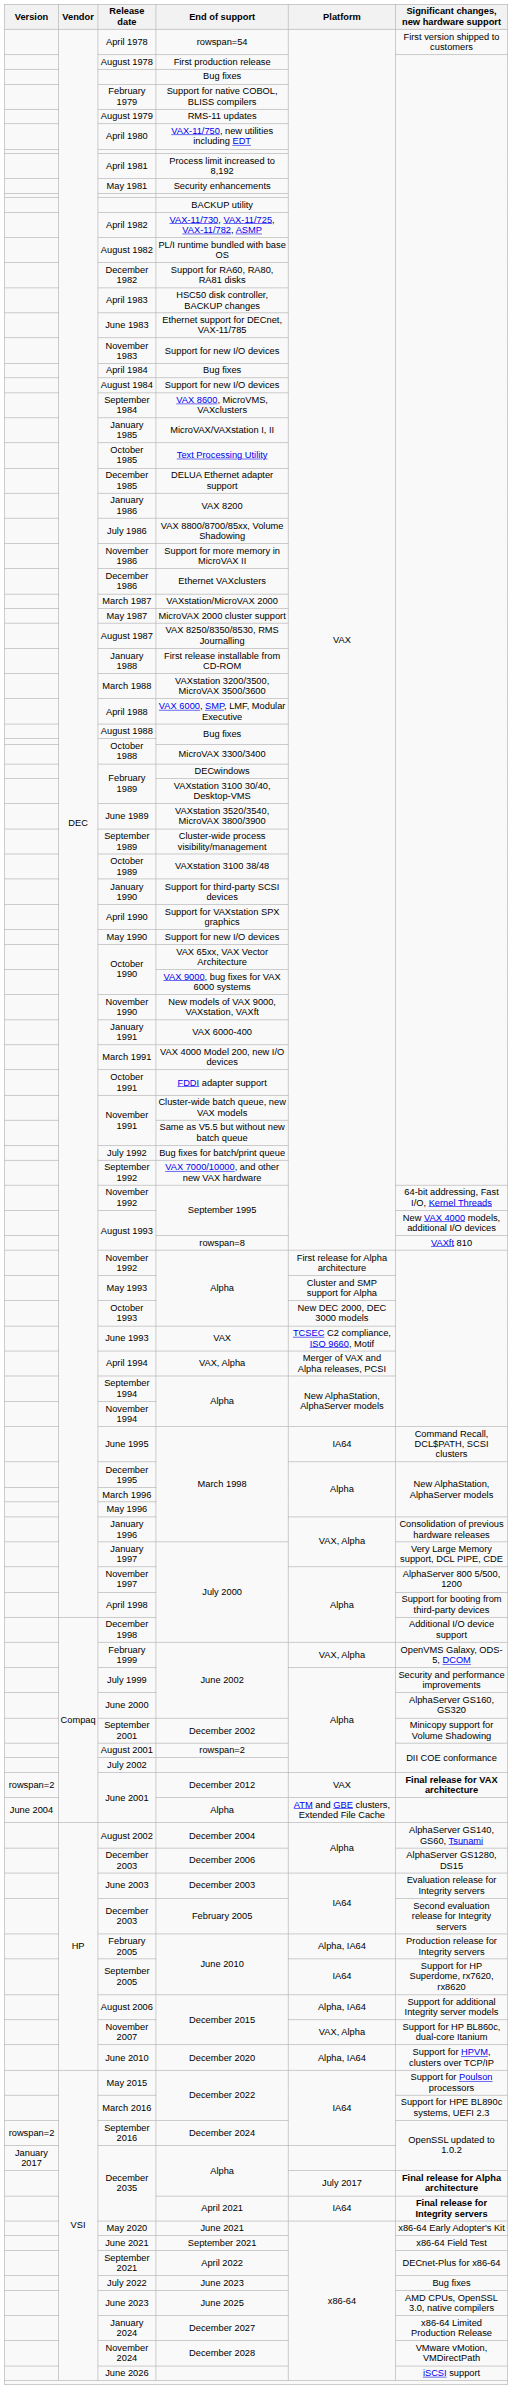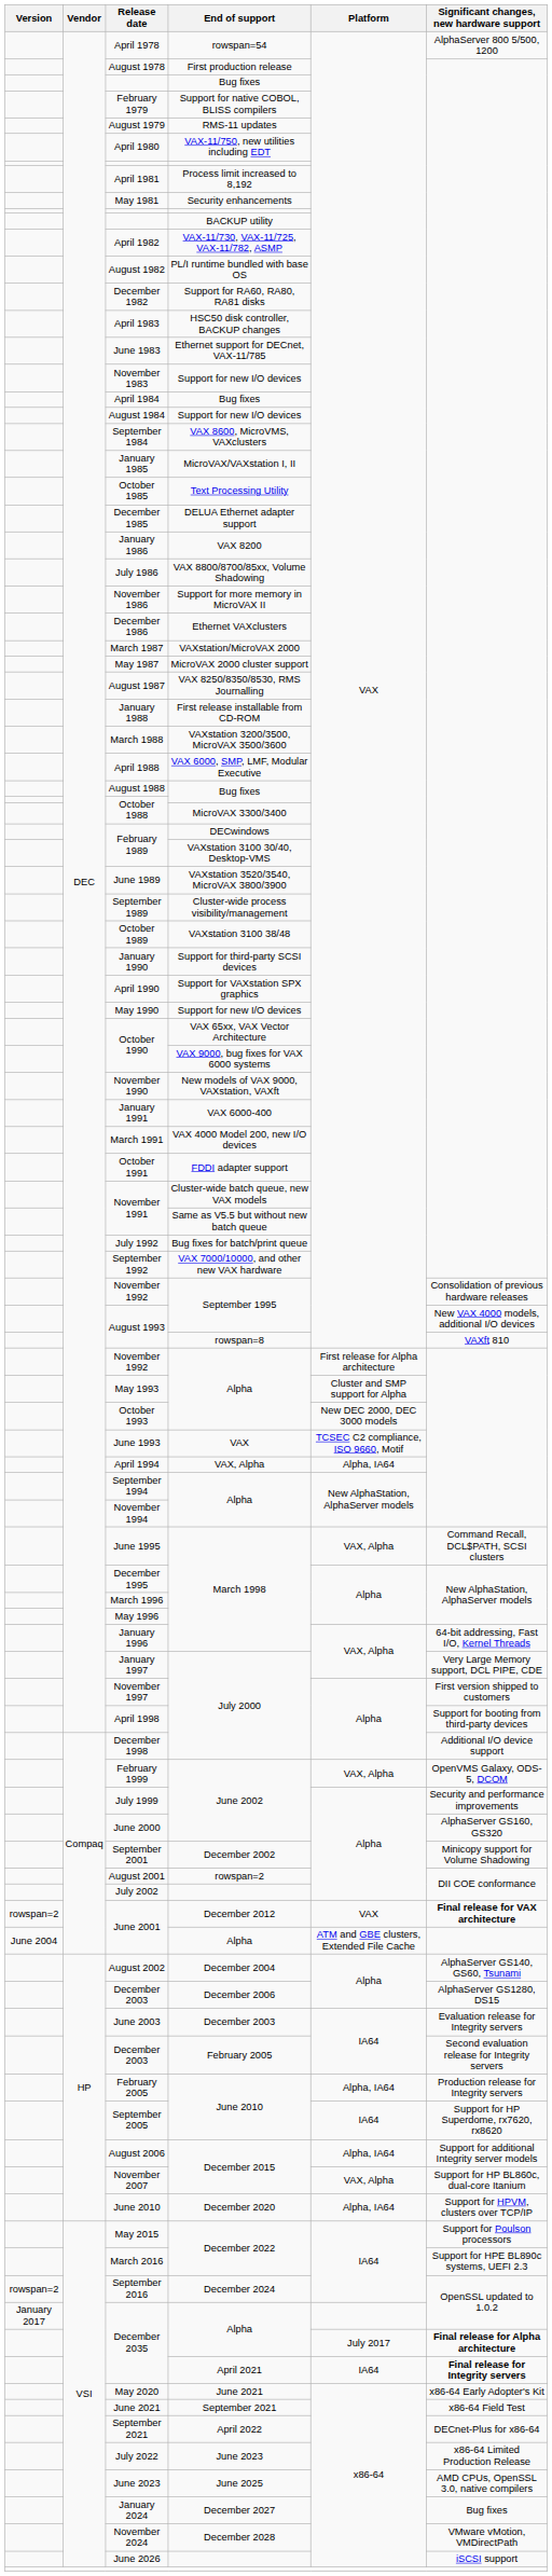 <table class="wikitable mw-datatable mw-collapsible sticky-header" style="text-align:center; margin-left:1em; margin-right:0">
 <tr>
 <th>Version</th>
 <th>Vendor</th>
 <th>Release date<br></th>
 <th>End of support<br></th>
 <th>Platform</th>
 <th>Significant changes, new hardware support<br></th>
 </tr>
 <tr>
 <td></td>
 <td rowspan=72>DEC</td>
 <td>April 1978</td>
 <td>rowspan=54 </td>
 <td rowspan=57>VAX</td>
-<td>First version shipped to customers</td>
+<td>AlphaServer 800 5/500, 1200</td>
 </tr>
 <tr>
 <td></td>
 <td>August 1978</td>
 <td>First production release</td>
 </tr>
 <tr>
 <td></td>
 <td></td>
 <td>Bug fixes</td>
 </tr>
 <tr>
 <td></td>
 <td>February 1979</td>
 <td>Support for native COBOL, BLISS compilers</td>
 </tr>
 <tr>
 <td></td>
 <td>August 1979</td>
 <td>RMS-11 updates</td>
 </tr>
 <tr>
 <td></td>
 <td>April 1980</td>
 <td><a href='#'>VAX-11/750</a>, new utilities including <a href='#'>EDT</a></td>
 </tr>
 <tr>
 <td></td>
 <td></td>
 <td></td>
 </tr>
 <tr>
 <td></td>
 <td>April 1981</td>
 <td>Process limit increased to 8,192</td>
 </tr>
 <tr>
 <td></td>
 <td>May 1981</td>
 <td>Security enhancements</td>
 </tr>
 <tr>
 <td></td>
 <td></td>
 <td></td>
 </tr>
 <tr>
 <td></td>
 <td></td>
 <td>BACKUP utility</td>
 </tr>
 <tr>
 <td></td>
 <td>April 1982</td>
 <td><a href='#'>VAX-11/730</a>, <a href='#'>VAX-11/725</a>, <a href='#'>VAX-11/782</a>, <a href='#'>ASMP</a></td>
 </tr>
 <tr>
 <td></td>
 <td>August 1982</td>
 <td>PL/I runtime bundled with base OS</td>
 </tr>
 <tr>
 <td></td>
 <td>December 1982</td>
 <td>Support for RA60, RA80, RA81 disks</td>
 </tr>
 <tr>
 <td></td>
 <td>April 1983</td>
 <td>HSC50 disk controller, BACKUP changes</td>
 </tr>
 <tr>
 <td></td>
 <td>June 1983</td>
 <td>Ethernet support for DECnet, VAX-11/785</td>
 </tr>
 <tr>
 <td></td>
 <td>November 1983</td>
 <td>Support for new I/O devices</td>
 </tr>
 <tr>
 <td></td>
 <td>April 1984</td>
 <td>Bug fixes</td>
 </tr>
 <tr>
 <td></td>
 <td>August 1984</td>
 <td>Support for new I/O devices</td>
 </tr>
 <tr>
 <td></td>
 <td>September 1984</td>
 <td><a href='#'>VAX 8600</a>, MicroVMS, VAXclusters</td>
 </tr>
 <tr>
 <td></td>
 <td>January 1985</td>
 <td>MicroVAX/VAXstation I, II</td>
 </tr>
 <tr>
 <td></td>
 <td>October 1985</td>
 <td><a href='#'>Text Processing Utility</a></td>
 </tr>
 <tr>
 <td></td>
 <td>December 1985</td>
 <td>DELUA Ethernet adapter support</td>
 </tr>
 <tr>
 <td></td>
 <td>January 1986</td>
 <td>VAX 8200</td>
 </tr>
 <tr>
 <td></td>
 <td>July 1986</td>
 <td>VAX 8800/8700/85xx, Volume Shadowing</td>
 </tr>
 <tr>
 <td></td>
 <td>November 1986</td>
 <td>Support for more memory in MicroVAX II</td>
 </tr>
 <tr>
 <td></td>
 <td>December 1986</td>
 <td>Ethernet VAXclusters</td>
 </tr>
 <tr>
 <td></td>
 <td>March 1987</td>
 <td>VAXstation/MicroVAX 2000</td>
 </tr>
 <tr>
 <td></td>
 <td>May 1987</td>
 <td>MicroVAX 2000 cluster support</td>
 </tr>
 <tr>
 <td></td>
 <td>August 1987</td>
 <td>VAX 8250/8350/8530, RMS Journalling</td>
 </tr>
 <tr>
 <td></td>
 <td>January 1988</td>
 <td>First release installable from CD-ROM</td>
 </tr>
 <tr>
 <td></td>
 <td>March 1988</td>
 <td>VAXstation 3200/3500, MicroVAX 3500/3600</td>
 </tr>
 <tr>
 <td></td>
 <td>April 1988</td>
 <td><a href='#'>VAX 6000</a>, <a href='#'>SMP</a>, LMF, Modular Executive</td>
 </tr>
 <tr>
 <td></td>
 <td>August 1988</td>
 <td rowspan=2>Bug fixes</td>
 </tr>
 <tr>
 <td></td>
 <td rowspan=2>October 1988</td>
 </tr>
 <tr>
 <td></td>
 <td>MicroVAX 3300/3400</td>
 </tr>
 <tr>
 <td></td>
 <td rowspan=2>February 1989</td>
 <td>DECwindows</td>
 </tr>
 <tr>
 <td></td>
 <td>VAXstation 3100 30/40, Desktop-VMS</td>
 </tr>
 <tr>
 <td></td>
 <td>June 1989</td>
 <td>VAXstation 3520/3540, MicroVAX 3800/3900</td>
 </tr>
 <tr>
 <td></td>
 <td>September 1989</td>
 <td>Cluster-wide process visibility/management</td>
 </tr>
 <tr>
 <td></td>
 <td>October 1989</td>
 <td>VAXstation 3100 38/48</td>
 </tr>
 <tr>
 <td></td>
 <td>January 1990</td>
 <td>Support for third-party SCSI devices</td>
 </tr>
 <tr>
 <td></td>
 <td>April 1990</td>
 <td>Support for VAXstation SPX graphics</td>
 </tr>
 <tr>
 <td></td>
 <td>May 1990</td>
 <td>Support for new I/O devices</td>
 </tr>
 <tr>
 <td></td>
 <td rowspan=2>October 1990</td>
 <td>VAX 65xx, VAX Vector Architecture</td>
 </tr>
 <tr>
 <td></td>
 <td><a href='#'>VAX 9000</a>, bug fixes for VAX 6000 systems</td>
 </tr>
 <tr>
 <td></td>
 <td>November 1990</td>
 <td>New models of VAX 9000, VAXstation, VAXft</td>
 </tr>
 <tr>
 <td></td>
 <td>January 1991</td>
 <td>VAX 6000-400</td>
 </tr>
 <tr>
 <td></td>
 <td>March 1991</td>
 <td>VAX 4000 Model 200, new I/O devices</td>
 </tr>
 <tr>
 <td></td>
 <td>October 1991</td>
 <td><a href='#'>FDDI</a> adapter support</td>
 </tr>
 <tr>
 <td></td>
 <td rowspan=2>November 1991</td>
 <td>Cluster-wide batch queue, new VAX models</td>
 </tr>
 <tr>
 <td></td>
 <td>Same as V5.5 but without new batch queue</td>
 </tr>
 <tr>
 <td></td>
 <td>July 1992</td>
 <td>Bug fixes for batch/print queue</td>
 </tr>
 <tr>
 <td></td>
 <td>September 1992</td>
 <td><a href='#'>VAX 7000/10000</a>, and other new VAX hardware</td>
 </tr>
 <tr>
 <td></td>
 <td>November 1992</td>
 <td rowspan=2>September 1995</td>
-<td>64-bit addressing, Fast I/O, <a href='#'>Kernel Threads</a></td>
+<td>Consolidation of previous hardware releases</td>
 </tr>
 <tr>
 <td></td>
 <td rowspan=2>August 1993</td>
 <td>New <a href='#'>VAX 4000</a> models, additional I/O devices</td>
 </tr>
 <tr>
 <td></td>
 <td>rowspan=8 </td>
 <td><a href='#'>VAXft</a> 810</td>
 </tr>
 <tr>
 <td></td>
 <td>November 1992</td>
 <td rowspan=3>Alpha</td>
 <td>First release for Alpha architecture</td>
 </tr>
 <tr>
 <td></td>
 <td>May 1993</td>
 <td>Cluster and SMP support for Alpha</td>
 </tr>
 <tr>
 <td></td>
 <td>October 1993</td>
 <td>New DEC 2000, DEC 3000 models</td>
 </tr>
 <tr>
 <td></td>
 <td>June 1993</td>
 <td>VAX</td>
 <td><a href='#'>TCSEC</a> C2 compliance, <a href='#'>ISO 9660</a>, Motif</td>
 </tr>
 <tr>
 <td></td>
 <td>April 1994</td>
 <td>VAX, Alpha</td>
-<td>Merger of VAX and Alpha releases, PCSI</td>
+<td>Alpha, IA64</td>
 </tr>
 <tr>
 <td></td>
 <td>September 1994</td>
 <td rowspan=2>Alpha</td>
 <td rowspan=2>New AlphaStation, AlphaServer models</td>
 </tr>
 <tr>
 <td></td>
 <td>November 1994</td>
 </tr>
 <tr>
 <td></td>
 <td>June 1995</td>
 <td rowspan=5>March 1998</td>
-<td>IA64</td>
+<td>VAX, Alpha</td>
 <td>Command Recall, DCL$PATH, SCSI clusters</td>
 </tr>
 <tr>
 <td></td>
 <td>December 1995</td>
 <td rowspan=3>Alpha</td>
 <td rowspan=3>New AlphaStation, AlphaServer models</td>
 </tr>
 <tr>
 <td></td>
 <td>March 1996</td>
 </tr>
 <tr>
 <td></td>
 <td>May 1996</td>
 </tr>
 <tr>
 <td></td>
 <td>January 1996</td>
 <td rowspan=2>VAX, Alpha</td>
-<td>Consolidation of previous hardware releases</td>
+<td>64-bit addressing, Fast I/O, <a href='#'>Kernel Threads</a></td>
 </tr>
 <tr>
 <td></td>
 <td>January 1997</td>
 <td rowspan=4>July 2000</td>
 <td>Very Large Memory support, DCL PIPE, CDE</td>
 </tr>
 <tr>
 <td></td>
 <td>November 1997</td>
 <td rowspan=3>Alpha</td>
-<td>AlphaServer 800 5/500, 1200</td>
+<td>First version shipped to customers</td>
 </tr>
 <tr>
 <td></td>
 <td>April 1998</td>
 <td>Support for booting from third-party devices</td>
 </tr>
 <tr>
 <td></td>
 <td rowspan=9>Compaq</td>
 <td>December 1998</td>
 <td>Additional I/O device support</td>
 </tr>
 <tr>
 <td></td>
 <td>February 1999</td>
 <td rowspan=3>June 2002</td>
 <td>VAX, Alpha</td>
 <td>OpenVMS Galaxy, ODS-5, <a href='#'>DCOM</a></td>
 </tr>
 <tr>
 <td></td>
 <td>July 1999</td>
 <td rowspan=5>Alpha</td>
 <td>Security and performance improvements</td>
 </tr>
 <tr>
 <td></td>
 <td>June 2000</td>
 <td>AlphaServer GS160, GS320</td>
 </tr>
 <tr>
 <td></td>
 <td>September 2001</td>
 <td>December 2002</td>
 <td>Minicopy support for Volume Shadowing</td>
 </tr>
 <tr>
 <td></td>
 <td>August 2001</td>
 <td>rowspan=2 </td>
 <td rowspan=2>DII COE conformance</td>
 </tr>
 <tr>
 <td></td>
 <td>July 2002</td>
 </tr>
 <tr>
 <td>rowspan=2 </td>
 <td rowspan=2>June 2001</td>
 <td>December 2012</td>
 <td>VAX</td>
 <td><strong>Final release for VAX architecture</strong></td>
 </tr>
 <tr>
 <td>June 2004</td>
 <td>Alpha</td>
 <td><a href='#'>ATM</a> and <a href='#'>GBE</a> clusters, Extended File Cache</td>
 </tr>
 <tr>
 <td></td>
 <td rowspan=9>HP</td>
 <td>August 2002</td>
 <td>December 2004</td>
 <td rowspan=2>Alpha</td>
 <td>AlphaServer GS140, GS60, <a href='#'>Tsunami</a></td>
 </tr>
 <tr>
 <td></td>
 <td>December 2003</td>
 <td>December 2006</td>
 <td>AlphaServer GS1280, DS15</td>
 </tr>
 <tr>
 <td></td>
 <td>June 2003</td>
 <td>December 2003</td>
 <td rowspan=2>IA64</td>
 <td>Evaluation release for Integrity servers</td>
 </tr>
 <tr>
 <td></td>
 <td>December 2003</td>
 <td>February 2005</td>
 <td>Second evaluation release for Integrity servers</td>
 </tr>
 <tr>
 <td></td>
 <td>February 2005</td>
 <td rowspan=2>June 2010</td>
 <td>Alpha, IA64</td>
 <td>Production release for Integrity servers</td>
 </tr>
 <tr>
 <td></td>
 <td>September 2005</td>
 <td>IA64</td>
 <td>Support for HP Superdome, rx7620, rx8620</td>
 </tr>
 <tr>
 <td></td>
 <td>August 2006</td>
 <td rowspan=2>December 2015</td>
 <td>Alpha, IA64</td>
 <td>Support for additional Integrity server models</td>
 </tr>
 <tr>
 <td></td>
 <td>November 2007</td>
 <td>VAX, Alpha</td>
 <td>Support for HP BL860c, dual-core Itanium</td>
 </tr>
 <tr>
 <td></td>
 <td>June 2010</td>
 <td>December 2020</td>
 <td>Alpha, IA64</td>
 <td>Support for <a href='#'>HPVM</a>, clusters over TCP/IP</td>
 </tr>
 <tr>
 <td></td>
 <td rowspan=14>VSI</td>
 <td>May 2015</td>
 <td rowspan=2>December 2022</td>
 <td rowspan=3>IA64</td>
 <td>Support for <a href='#'>Poulson</a> processors</td>
 </tr>
 <tr>
 <td></td>
 <td>March 2016</td>
 <td>Support for HPE BL890c systems, UEFI 2.3</td>
 </tr>
 <tr>
 <td>rowspan=2 </td>
 <td>September 2016</td>
 <td>December 2024</td>
 <td rowspan=2>OpenSSL updated to 1.0.2</td>
 </tr>
 <tr>
 <td>January 2017</td>
 <td rowspan=3>December 2035</td>
 <td rowspan=2>Alpha</td>
 </tr>
 <tr>
 <td></td>
 <td>July 2017</td>
 <td><strong>Final release for Alpha architecture</strong></td>
 </tr>
 <tr>
 <td></td>
 <td>April 2021</td>
 <td>IA64</td>
 <td><strong>Final release for Integrity servers</strong></td>
 </tr>
 <tr>
 <td></td>
 <td>May 2020</td>
 <td>June 2021</td>
 <td rowspan=8>x86-64</td>
 <td>x86-64 Early Adopter's Kit</td>
 </tr>
 <tr>
 <td></td>
 <td>June 2021</td>
 <td>September 2021</td>
 <td>x86-64 Field Test</td>
 </tr>
 <tr>
 <td></td>
 <td>September 2021</td>
 <td>April 2022</td>
 <td>DECnet-Plus for x86-64</td>
 </tr>
 <tr>
 <td></td>
 <td>July 2022</td>
 <td>June 2023</td>
-<td>Bug fixes</td>
+<td>x86-64 Limited Production Release</td>
 </tr>
 <tr>
 <td></td>
 <td>June 2023</td>
 <td>June 2025</td>
 <td>AMD CPUs, OpenSSL 3.0, native compilers</td>
 </tr>
 <tr>
 <td></td>
 <td>January 2024</td>
 <td>December 2027</td>
-<td>x86-64 Limited Production Release</td>
+<td>Bug fixes</td>
 </tr>
 <tr>
 <td></td>
 <td>November 2024</td>
 <td>December 2028</td>
 <td>VMware vMotion, VMDirectPath</td>
 </tr>
 <tr>
 <td></td>
 <td>June 2026</td>
 <td></td>
 <td><a href='#'>iSCSI</a> support</td>
 </tr>
 <tr>
 <td colspan="6"><small></small></td>
 </tr>
 </table>
